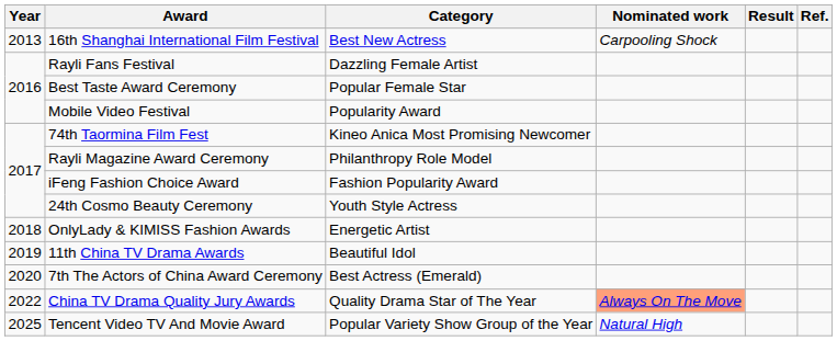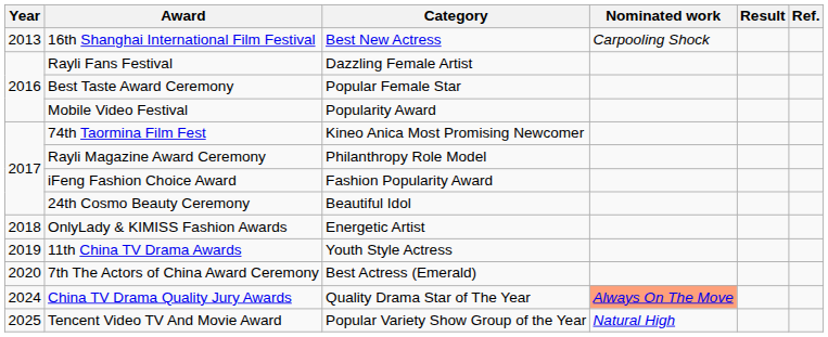 <table class="wikitable">
 <tr>
 <th width=10>Year</th>
 <th>Award</th>
 <th>Category</th>
 <th>Nominated work</th>
 <th>Result</th>
 <th>Ref.</th>
 </tr>
 <tr>
 <td>2013</td>
 <td>16th <a href='#'>Shanghai International Film Festival</a></td>
 <td><a href='#'>Best New Actress</a></td>
 <td><em>Carpooling Shock</em></td>
 <td></td>
 <td></td>
 </tr>
 <tr>
 <td rowspan=3>2016</td>
 <td>Rayli Fans Festival</td>
 <td>Dazzling Female Artist</td>
 <td></td>
 <td></td>
 <td></td>
 </tr>
 <tr>
 <td>Best Taste Award Ceremony</td>
 <td>Popular Female Star</td>
 <td></td>
 <td></td>
 <td></td>
 </tr>
 <tr>
 <td>Mobile Video Festival</td>
 <td>Popularity Award</td>
 <td></td>
 <td></td>
 <td></td>
 </tr>
 <tr>
 <td rowspan=4>2017</td>
 <td>74th <a href='#'>Taormina Film Fest</a></td>
 <td>Kineo Anica Most Promising Newcomer</td>
 <td></td>
 <td></td>
 <td></td>
 </tr>
 <tr>
 <td>Rayli Magazine Award Ceremony</td>
 <td>Philanthropy Role Model</td>
 <td></td>
 <td></td>
 <td></td>
 </tr>
 <tr>
 <td>iFeng Fashion Choice Award</td>
 <td>Fashion Popularity Award</td>
 <td></td>
 <td></td>
 <td></td>
 </tr>
 <tr>
 <td>24th Cosmo Beauty Ceremony</td>
-<td>Youth Style Actress</td>
+<td>Beautiful Idol</td>
 <td></td>
 <td></td>
 <td></td>
 </tr>
 <tr>
 <td>2018</td>
 <td>OnlyLady & KIMISS Fashion Awards</td>
 <td>Energetic Artist</td>
 <td></td>
 <td></td>
 <td></td>
 </tr>
 <tr>
 <td>2019</td>
 <td>11th <a href='#'>China TV Drama Awards</a></td>
-<td>Beautiful Idol</td>
+<td>Youth Style Actress</td>
 <td></td>
 <td></td>
 <td></td>
 </tr>
 <tr>
 <td>2020</td>
 <td>7th The Actors of China Award Ceremony</td>
 <td>Best Actress (Emerald)</td>
 <td></td>
 <td></td>
 <td></td>
 </tr>
 <tr>
-<td>2022</td>
+<td>2024</td>
 <td><a href='#'>China TV Drama Quality Jury Awards</a></td>
 <td>Quality Drama Star of The Year</td>
 <td style="background: lightsalmon;"><em><a href='#'>Always On The Move</a></em></td>
 <td></td>
 <td></td>
 </tr>
 <tr>
 <td>2025</td>
 <td>Tencent Video TV And Movie Award</td>
 <td>Popular Variety Show Group of the Year</td>
 <td><em><a href='#'>Natural High</a><br></em></td>
 <td></td>
 <td></td>
 </tr>
 </table>
